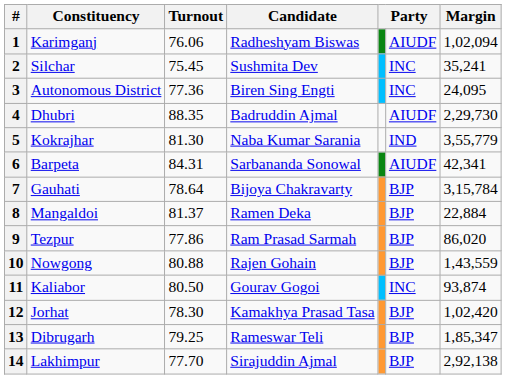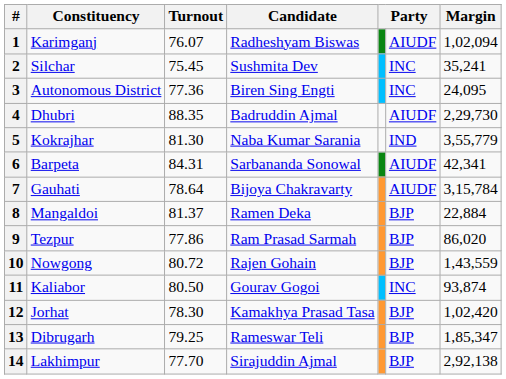 <table class="wikitable sortable">
 <tr>
 <th>#</th>
 <th>Constituency</th>
 <th>Turnout</th>
 <th>Candidate</th>
 <th colspan="2">Party</th>
 <th>Margin</th>
 </tr>
 <tr>
 <th>1</th>
 <td><a href='#'>Karimganj</a></td>
-<td>76.06 </td>
+<td>76.07 </td>
 <td><a href='#'>Radheshyam Biswas</a></td>
 <td bgcolor=#0A8612></td>
 <td><a href='#'>AIUDF</a></td>
 <td>1,02,094</td>
 </tr>
 <tr>
 <th>2</th>
 <td><a href='#'>Silchar</a></td>
 <td>75.45 </td>
 <td><a href='#'>Sushmita Dev</a></td>
 <td bgcolor=#00BFFF></td>
 <td><a href='#'>INC</a></td>
 <td>35,241</td>
 </tr>
 <tr>
 <th>3</th>
 <td><a href='#'>Autonomous District</a></td>
 <td>77.36 </td>
 <td><a href='#'>Biren Sing Engti</a></td>
 <td bgcolor=#00BFFF></td>
 <td><a href='#'>INC</a></td>
 <td>24,095</td>
 </tr>
 <tr>
 <th>4</th>
 <td><a href='#'>Dhubri</a></td>
 <td>88.35 </td>
 <td><a href='#'>Badruddin Ajmal</a></td>
 <td></td>
 <td><a href='#'>AIUDF</a></td>
 <td>2,29,730</td>
 </tr>
 <tr>
 <th>5</th>
 <td><a href='#'>Kokrajhar</a></td>
 <td>81.30 </td>
 <td><a href='#'>Naba Kumar Sarania</a></td>
 <td></td>
 <td><a href='#'>IND</a></td>
 <td>3,55,779</td>
 </tr>
 <tr>
 <th>6</th>
 <td><a href='#'>Barpeta</a></td>
 <td>84.31 </td>
 <td><a href='#'>Sarbananda Sonowal</a></td>
 <td bgcolor=#0A8612></td>
 <td><a href='#'>AIUDF</a></td>
 <td>42,341</td>
 </tr>
 <tr>
 <th>7</th>
 <td><a href='#'>Gauhati</a></td>
 <td>78.64 </td>
 <td><a href='#'>Bijoya Chakravarty</a></td>
 <td bgcolor=#FF9933></td>
-<td><a href='#'>BJP</a></td>
+<td><a href='#'>AIUDF</a></td>
 <td>3,15,784</td>
 </tr>
 <tr>
 <th>8</th>
 <td><a href='#'>Mangaldoi</a></td>
 <td>81.37 </td>
 <td><a href='#'>Ramen Deka</a></td>
 <td bgcolor=#FF9933></td>
 <td><a href='#'>BJP</a></td>
 <td>22,884</td>
 </tr>
 <tr>
 <th>9</th>
 <td><a href='#'>Tezpur</a></td>
 <td>77.86 </td>
 <td><a href='#'>Ram Prasad Sarmah</a></td>
 <td bgcolor=#FF9933></td>
 <td><a href='#'>BJP</a></td>
 <td>86,020</td>
 </tr>
 <tr>
 <th>10</th>
 <td><a href='#'>Nowgong</a></td>
-<td>80.88 </td>
+<td>80.72 </td>
 <td><a href='#'>Rajen Gohain</a></td>
 <td bgcolor=#FF9933></td>
 <td><a href='#'>BJP</a></td>
 <td>1,43,559</td>
 </tr>
 <tr>
 <th>11</th>
 <td><a href='#'>Kaliabor</a></td>
 <td>80.50 </td>
 <td><a href='#'>Gourav Gogoi</a></td>
 <td bgcolor=#00BFFF></td>
 <td><a href='#'>INC</a></td>
 <td>93,874</td>
 </tr>
 <tr>
 <th>12</th>
 <td><a href='#'>Jorhat</a></td>
 <td>78.30 </td>
 <td><a href='#'>Kamakhya Prasad Tasa</a></td>
 <td bgcolor=#FF9933></td>
 <td><a href='#'>BJP</a></td>
 <td>1,02,420</td>
 </tr>
 <tr>
 <th>13</th>
 <td><a href='#'>Dibrugarh</a></td>
 <td>79.25 </td>
 <td><a href='#'>Rameswar Teli</a></td>
 <td bgcolor=#FF9933></td>
 <td><a href='#'>BJP</a></td>
 <td>1,85,347</td>
 </tr>
 <tr>
 <th>14</th>
 <td><a href='#'>Lakhimpur</a></td>
 <td>77.70 </td>
 <td><a href='#'>Sirajuddin Ajmal</a></td>
 <td bgcolor=#FF9933></td>
 <td><a href='#'>BJP</a></td>
 <td>2,92,138</td>
 </tr>
 </table>
